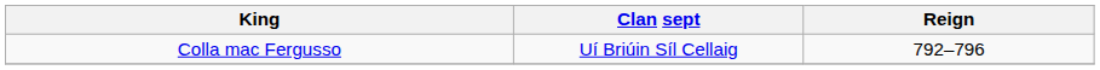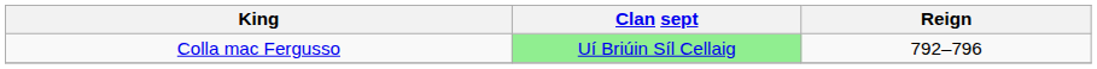 <table width=75% class="wikitable">
 <tr>
 <th width=35%>King</th>
 <th width=20%><a href='#'>Clan</a> <a href='#'>sept</a></th>
 <th width=20%>Reign</th>
 </tr>
 <tr>
 <td align="center"><a href='#'>Colla mac Fergusso</a></td>
-<td align="center"><a href='#'>Uí Briúin Síl Cellaig</a></td>
+<td align="center" style="background: lightgreen;"><a href='#'>Uí Briúin Síl Cellaig</a></td>
 <td align="center">792–796</td>
 </tr>
 <tr>
 </tr>
 </table>
